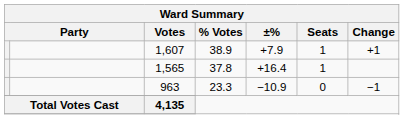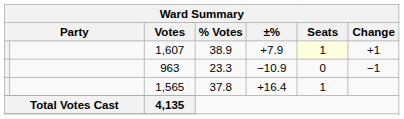 <table class="wikitable" style="font-size: 95%;">
 <tr style="background-color:#E9E9E9">
 <th colspan="7">Ward Summary</th>
 </tr>
 <tr style="background-color:#E9E9E9">
 <th colspan="2">Party</th>
 <th style="width: 60px">Votes</th>
 <th style="width: 60px">% Votes</th>
 <th style="width: 60px">±%</th>
 <th style="width: 60px">Seats</th>
 <th style="width: 60px">Change</th>
 </tr>
 <tr>
 <th style="background-color: "></th>
 <td style="width: 170px"><a href='#'></a></td>
 <td align="center">1,607</td>
 <td align="center">38.9</td>
 <td align="center">+7.9</td>
-<td align="center">1</td>
+<td align="center" style="background: lightyellow;">1</td>
 <td align="center">+1</td>
+</tr>
+<tr>
+<th style="background-color: "></th>
+<td style="width: 170px"><a href='#'></a></td>
+<td align="center">963</td>
+<td align="center">23.3</td>
+<td align="center">−10.9</td>
+<td align="center">0</td>
+<td align="center">−1</td>
 </tr>
 <tr>
 <th style="background-color: "></th>
 <td style="width: 170px"><a href='#'></a></td>
 <td align="center">1,565</td>
 <td align="center">37.8</td>
 <td align="center">+16.4</td>
 <td align="center">1</td>
 <td align="center"></td>
 </tr>
 <tr>
-<th style="background-color: "></th>
-<td style="width: 170px"><a href='#'></a></td>
-<td align="center">963</td>
-<td align="center">23.3</td>
-<td align="center">−10.9</td>
-<td align="center">0</td>
-<td align="center">−1</td>
-</tr>
-<tr>
 </tr>
 <tr style="background-color:#E9E9E9">
 <th colspan="2">Total Votes Cast</th>
 <th style="width: 60px">4,135</th>
 </tr>
 <tr style="background-color:#E9E9E9">
 </tr>
 </table>
